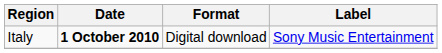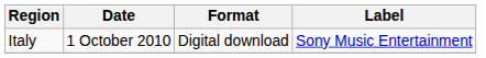 <table class=wikitable>
 <tr>
 <th scope="col">Region</th>
 <th scope="col">Date</th>
 <th scope="col">Format</th>
 <th scope="col">Label</th>
 </tr>
 <tr>
 <td>Italy</td>
-<td><strong>1 October 2010</strong></td>
+<td>1 October 2010</td>
 <td>Digital download</td>
 <td><a href='#'>Sony Music Entertainment</a></td>
 </tr>
 <tr>
 </tr>
 </table>
